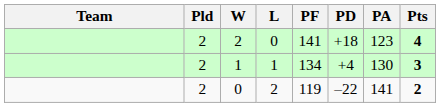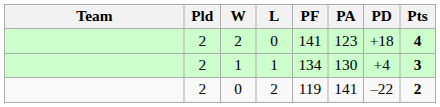 <table class="wikitable" style="text-align:center;">
 <tr>
 <th width=180>Team</th>
 <th width=30>Pld</th>
 <th width=30>W</th>
 <th width=30>L</th>
 <th width=30>PF</th>
+<th width=30>PA</th>
 <th width=30>PD</th>
-<th width=30>PA</th>
 <th width=30>Pts</th>
 </tr>
 <tr bgcolor=#ccffcc>
 <td align=left></td>
 <td>2</td>
 <td>2</td>
 <td>0</td>
 <td>141</td>
+<td>123</td>
 <td>+18</td>
-<td>123</td>
 <td><strong>4</strong></td>
 </tr>
 <tr bgcolor=#ccffcc>
 <td align=left></td>
 <td>2</td>
 <td>1</td>
 <td>1</td>
 <td>134</td>
+<td>130</td>
 <td>+4</td>
-<td>130</td>
 <td><strong>3</strong></td>
 </tr>
 <tr>
 <td align=left></td>
 <td>2</td>
 <td>0</td>
 <td>2</td>
 <td>119</td>
+<td>141</td>
 <td>–22</td>
-<td>141</td>
 <td><strong>2</strong></td>
 </tr>
 </table>
